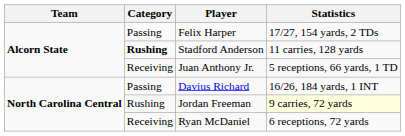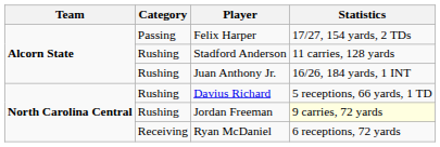 <table class="wikitable" style="float: left;">
 <tr>
 <th>Team</th>
 <th>Category</th>
 <th>Player</th>
 <th>Statistics</th>
 </tr>
 <tr>
 <td rowspan=3><strong>Alcorn State</strong></td>
 <td>Passing</td>
 <td>Felix Harper</td>
 <td>17/27, 154 yards, 2 TDs</td>
 </tr>
 <tr>
-<td><strong>Rushing</strong></td>
+<td>Rushing</td>
 <td>Stadford Anderson</td>
 <td>11 carries, 128 yards</td>
 </tr>
 <tr>
-<td>Receiving</td>
+<td>Rushing</td>
 <td>Juan Anthony Jr.</td>
-<td>5 receptions, 66 yards, 1 TD</td>
+<td>16/26, 184 yards, 1 INT</td>
 </tr>
 <tr>
 <td rowspan=3><strong>North Carolina Central</strong></td>
-<td>Passing</td>
+<td>Rushing</td>
 <td><a href='#'>Davius Richard</a></td>
-<td>16/26, 184 yards, 1 INT</td>
+<td>5 receptions, 66 yards, 1 TD</td>
 </tr>
 <tr>
 <td>Rushing</td>
 <td>Jordan Freeman</td>
 <td style="background: lightyellow;">9 carries, 72 yards</td>
 </tr>
 <tr>
 <td>Receiving</td>
 <td>Ryan McDaniel</td>
 <td>6 receptions, 72 yards</td>
 </tr>
 </table>
